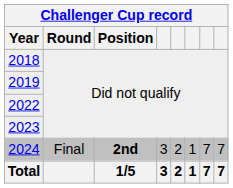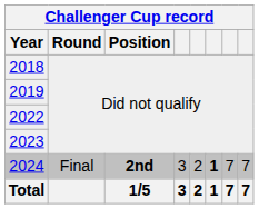 <table class="wikitable" style="text-align: center;">
 <tr Mickey Mouse>
 <th colspan=8><a href='#'>Challenger Cup record</a></th>
 </tr>
 <tr>
 <th>Year</th>
 <th>Round</th>
 <th>Position</th>
 <th></th>
 <th></th>
 <th></th>
 <th></th>
 <th></th>
 </tr>
 <tr bgcolor=#efefef>
 <td> <a href='#'>2018</a></td>
 <td colspan=7 rowspan=4>Did not qualify</td>
 </tr>
 <tr bgcolor=#efefef>
 <td> <a href='#'>2019</a></td>
 </tr>
 <tr bgcolor=#efefef>
 <td> <a href='#'>2022</a></td>
 </tr>
 <tr bgcolor=#efefef>
 <td> <a href='#'>2023</a></td>
 </tr>
 <tr bgcolor=silver>
 <td> <a href='#'>2024</a></td>
 <td>Final</td>
 <td><strong>2nd</strong></td>
 <td>3</td>
 <td>2</td>
-<td>1</td>
+<td><strong>1</strong></td>
 <td>7</td>
 <td>7</td>
 </tr>
 <tr>
 <th>Total</th>
 <th></th>
 <th>1/5</th>
 <th>3</th>
 <th>2</th>
 <th>1</th>
 <th>7</th>
 <th>7</th>
 </tr>
 </table>
